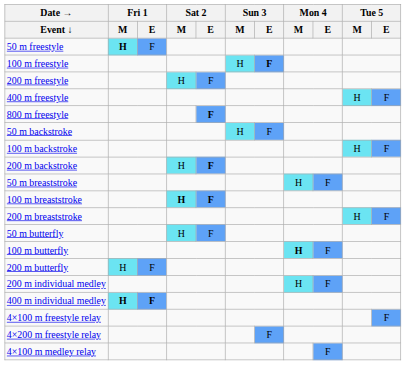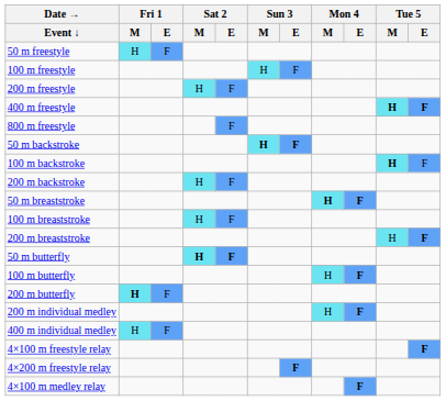 <table class="wikitable" style="margin:0.5em auto; font-size:95%; line-height:1.25em; text-align:center">
 <tr>
 <th>Date →</th>
 <th colspan=2>Fri 1</th>
 <th colspan=2>Sat 2</th>
 <th colspan=2>Sun 3</th>
 <th colspan=2>Mon 4</th>
 <th colspan=2>Tue 5</th>
 </tr>
 <tr>
 <th>Event ↓</th>
 <th style="width:2.5em;">M</th>
 <th style="width:2.5em;">E</th>
 <th style="width:2.5em;">M</th>
 <th style="width:2.5em;">E</th>
 <th style="width:2.5em;">M</th>
 <th style="width:2.5em;">E</th>
 <th style="width:2.5em;">M</th>
 <th style="width:2.5em;">E</th>
 <th style="width:2.5em;">M</th>
 <th style="width:2.5em;">E</th>
 </tr>
 <tr>
 <td align=left><a href='#'>50 m freestyle</a></td>
-<td style="background-color:#6be4f2;"><strong>H</strong></td>
+<td style="background-color:#6be4f2;">H</td>
 <td style="background-color:#5ea2f7;">F</td>
 <td colspan=2></td>
 <td colspan=2></td>
 <td colspan=2></td>
 <td colspan=2></td>
 </tr>
 <tr>
 <td align=left><a href='#'>100 m freestyle</a></td>
 <td colspan=2></td>
 <td colspan=2></td>
 <td style="background-color:#6be4f2;">H</td>
-<td style="background-color:#5ea2f7;"><strong>F</strong></td>
+<td style="background-color:#5ea2f7;">F</td>
 <td colspan=2></td>
 <td colspan=2></td>
 </tr>
 <tr>
 <td align=left><a href='#'>200 m freestyle</a></td>
 <td colspan=2></td>
 <td style="background-color:#6be4f2;">H</td>
 <td style="background-color:#5ea2f7;">F</td>
 <td colspan=2></td>
 <td colspan=2></td>
 <td colspan=2></td>
 </tr>
 <tr>
 <td align=left><a href='#'>400 m freestyle</a></td>
 <td colspan=2></td>
 <td colspan=2></td>
 <td colspan=2></td>
 <td colspan=2></td>
-<td style="background-color:#6be4f2;">H</td>
-<td style="background-color:#5ea2f7;">F</td>
+<td style="background-color:#6be4f2;"><strong>H</strong></td>
+<td style="background-color:#5ea2f7;"><strong>F</strong></td>
 </tr>
 <tr>
 <td align=left><a href='#'>800 m freestyle</a></td>
 <td colspan=2></td>
 <td></td>
-<td style="background-color:#5ea2f7;"><strong>F</strong></td>
+<td style="background-color:#5ea2f7;">F</td>
 <td colspan=2></td>
 <td colspan=2></td>
 <td colspan=2></td>
 </tr>
 <tr>
 <td align=left><a href='#'>50 m backstroke</a></td>
 <td colspan=2></td>
 <td colspan=2></td>
-<td style="background-color:#6be4f2;">H</td>
-<td style="background-color:#5ea2f7;">F</td>
+<td style="background-color:#6be4f2;"><strong>H</strong></td>
+<td style="background-color:#5ea2f7;"><strong>F</strong></td>
 <td colspan=2></td>
 <td colspan=2></td>
 </tr>
 <tr>
 <td align=left><a href='#'>100 m backstroke</a></td>
 <td colspan=2></td>
 <td colspan=2></td>
 <td colspan=2></td>
 <td colspan=2></td>
-<td style="background-color:#6be4f2;">H</td>
+<td style="background-color:#6be4f2;"><strong>H</strong></td>
 <td style="background-color:#5ea2f7;">F</td>
 </tr>
 <tr>
 <td align=left><a href='#'>200 m backstroke</a></td>
 <td colspan=2></td>
 <td style="background-color:#6be4f2;">H</td>
-<td style="background-color:#5ea2f7;"><strong>F</strong></td>
+<td style="background-color:#5ea2f7;">F</td>
 <td colspan=2></td>
 <td colspan=2></td>
 <td colspan=2></td>
 </tr>
 <tr>
 <td align=left><a href='#'>50 m breaststroke</a></td>
 <td colspan=2></td>
 <td colspan=2></td>
 <td colspan=2></td>
-<td style="background-color:#6be4f2;">H</td>
-<td style="background-color:#5ea2f7;">F</td>
+<td style="background-color:#6be4f2;"><strong>H</strong></td>
+<td style="background-color:#5ea2f7;"><strong>F</strong></td>
 <td colspan=2></td>
 </tr>
 <tr>
 <td align=left><a href='#'>100 m breaststroke</a></td>
 <td colspan=2></td>
-<td style="background-color:#6be4f2;"><strong>H</strong></td>
-<td style="background-color:#5ea2f7;"><strong>F</strong></td>
+<td style="background-color:#6be4f2;">H</td>
+<td style="background-color:#5ea2f7;">F</td>
 <td colspan=2></td>
 <td colspan=2></td>
 <td colspan=2></td>
 </tr>
 <tr>
 <td align=left><a href='#'>200 m breaststroke</a></td>
 <td colspan=2></td>
 <td colspan=2></td>
 <td colspan=2></td>
 <td colspan=2></td>
 <td style="background-color:#6be4f2;">H</td>
-<td style="background-color:#5ea2f7;">F</td>
+<td style="background-color:#5ea2f7;"><strong>F</strong></td>
 </tr>
 <tr>
 <td align=left><a href='#'>50 m butterfly</a></td>
 <td colspan=2></td>
-<td style="background-color:#6be4f2;">H</td>
-<td style="background-color:#5ea2f7;">F</td>
+<td style="background-color:#6be4f2;"><strong>H</strong></td>
+<td style="background-color:#5ea2f7;"><strong>F</strong></td>
 <td colspan=2></td>
 <td colspan=2></td>
 <td colspan=2></td>
 </tr>
 <tr>
 <td align=left><a href='#'>100 m butterfly</a></td>
 <td colspan=2></td>
 <td colspan=2></td>
 <td colspan=2></td>
-<td style="background-color:#6be4f2;"><strong>H</strong></td>
-<td style="background-color:#5ea2f7;">F</td>
+<td style="background-color:#6be4f2;">H</td>
+<td style="background-color:#5ea2f7;"><strong>F</strong></td>
 <td colspan=2></td>
 </tr>
 <tr>
 <td align=left><a href='#'>200 m butterfly</a></td>
-<td style="background-color:#6be4f2;">H</td>
+<td style="background-color:#6be4f2;"><strong>H</strong></td>
 <td style="background-color:#5ea2f7;">F</td>
 <td colspan=2></td>
 <td colspan=2></td>
 <td colspan=2></td>
 <td colspan=2></td>
 </tr>
 <tr>
 <td align=left><a href='#'>200 m individual medley</a></td>
 <td colspan=2></td>
 <td colspan=2></td>
 <td colspan=2></td>
 <td style="background-color:#6be4f2;">H</td>
-<td style="background-color:#5ea2f7;">F</td>
+<td style="background-color:#5ea2f7;"><strong>F</strong></td>
 <td colspan=2></td>
 </tr>
 <tr>
 <td align=left><a href='#'>400 m individual medley</a></td>
-<td style="background-color:#6be4f2;"><strong>H</strong></td>
-<td style="background-color:#5ea2f7;"><strong>F</strong></td>
+<td style="background-color:#6be4f2;">H</td>
+<td style="background-color:#5ea2f7;">F</td>
 <td colspan=2></td>
 <td colspan=2></td>
 <td colspan=2></td>
 <td colspan=2></td>
 </tr>
 <tr>
 <td align=left><a href='#'>4×100 m freestyle relay</a></td>
 <td colspan=2></td>
 <td colspan=2></td>
 <td colspan=2></td>
 <td colspan=2></td>
 <td></td>
-<td style="background-color:#5ea2f7;">F</td>
+<td style="background-color:#5ea2f7;"><strong>F</strong></td>
 </tr>
 <tr>
 <td align=left><a href='#'>4×200 m freestyle relay</a></td>
 <td colspan=2></td>
 <td colspan=2></td>
 <td></td>
-<td style="background-color:#5ea2f7;">F</td>
+<td style="background-color:#5ea2f7;"><strong>F</strong></td>
 <td colspan=2></td>
 <td colspan=2></td>
 </tr>
 <tr>
 <td align=left><a href='#'>4×100 m medley relay</a></td>
 <td colspan=2></td>
 <td colspan=2></td>
 <td colspan=2></td>
 <td></td>
-<td style="background-color:#5ea2f7;">F</td>
+<td style="background-color:#5ea2f7;"><strong>F</strong></td>
 <td colspan=2></td>
 </tr>
 </table>
